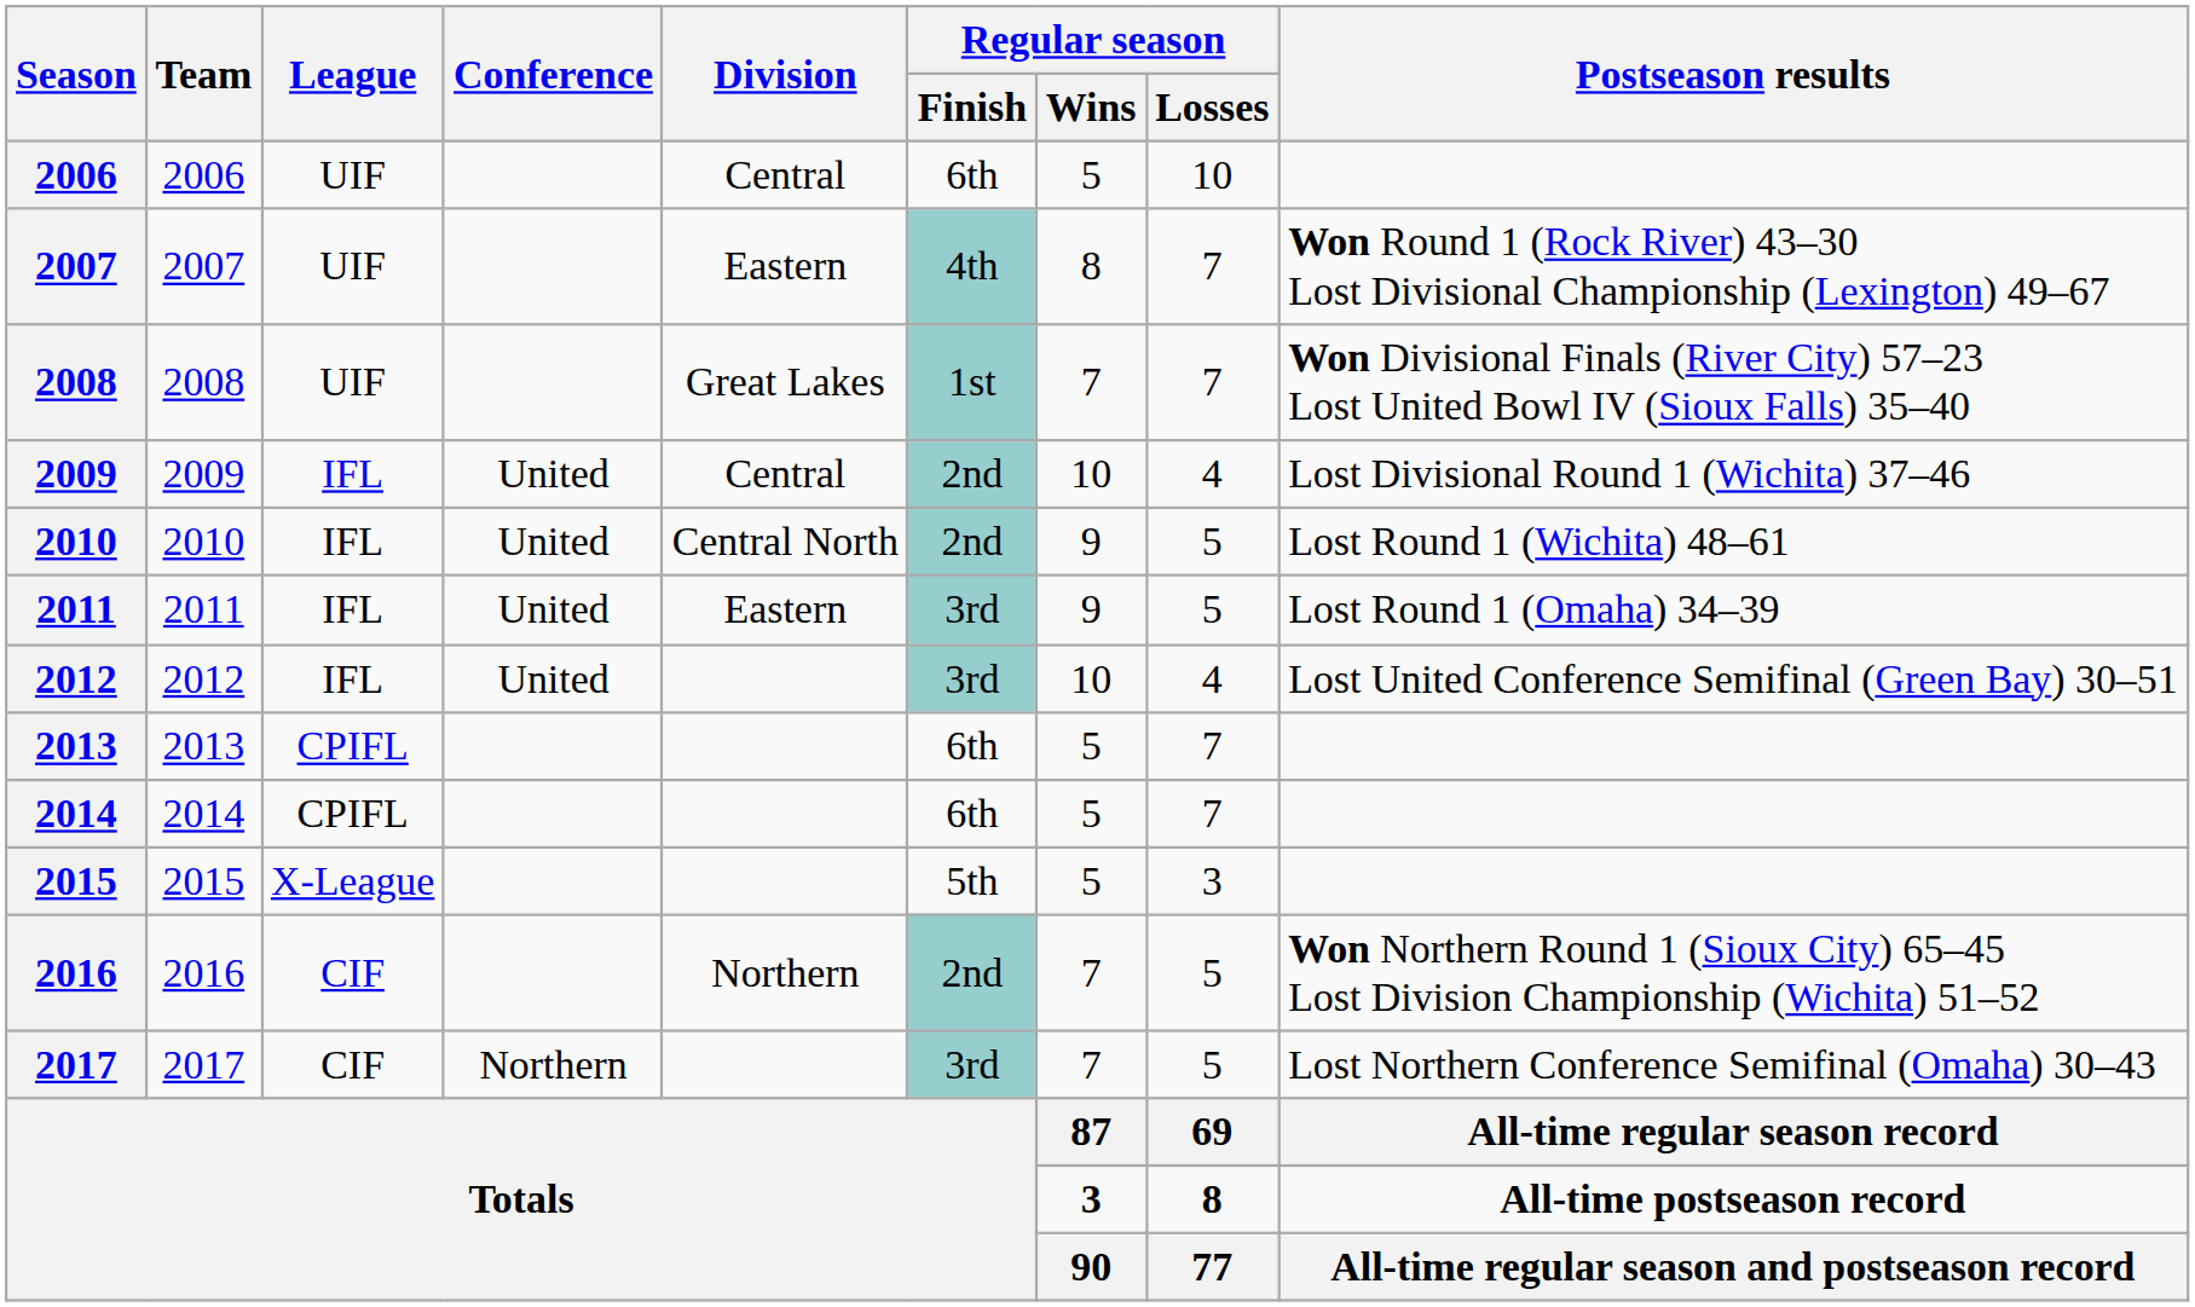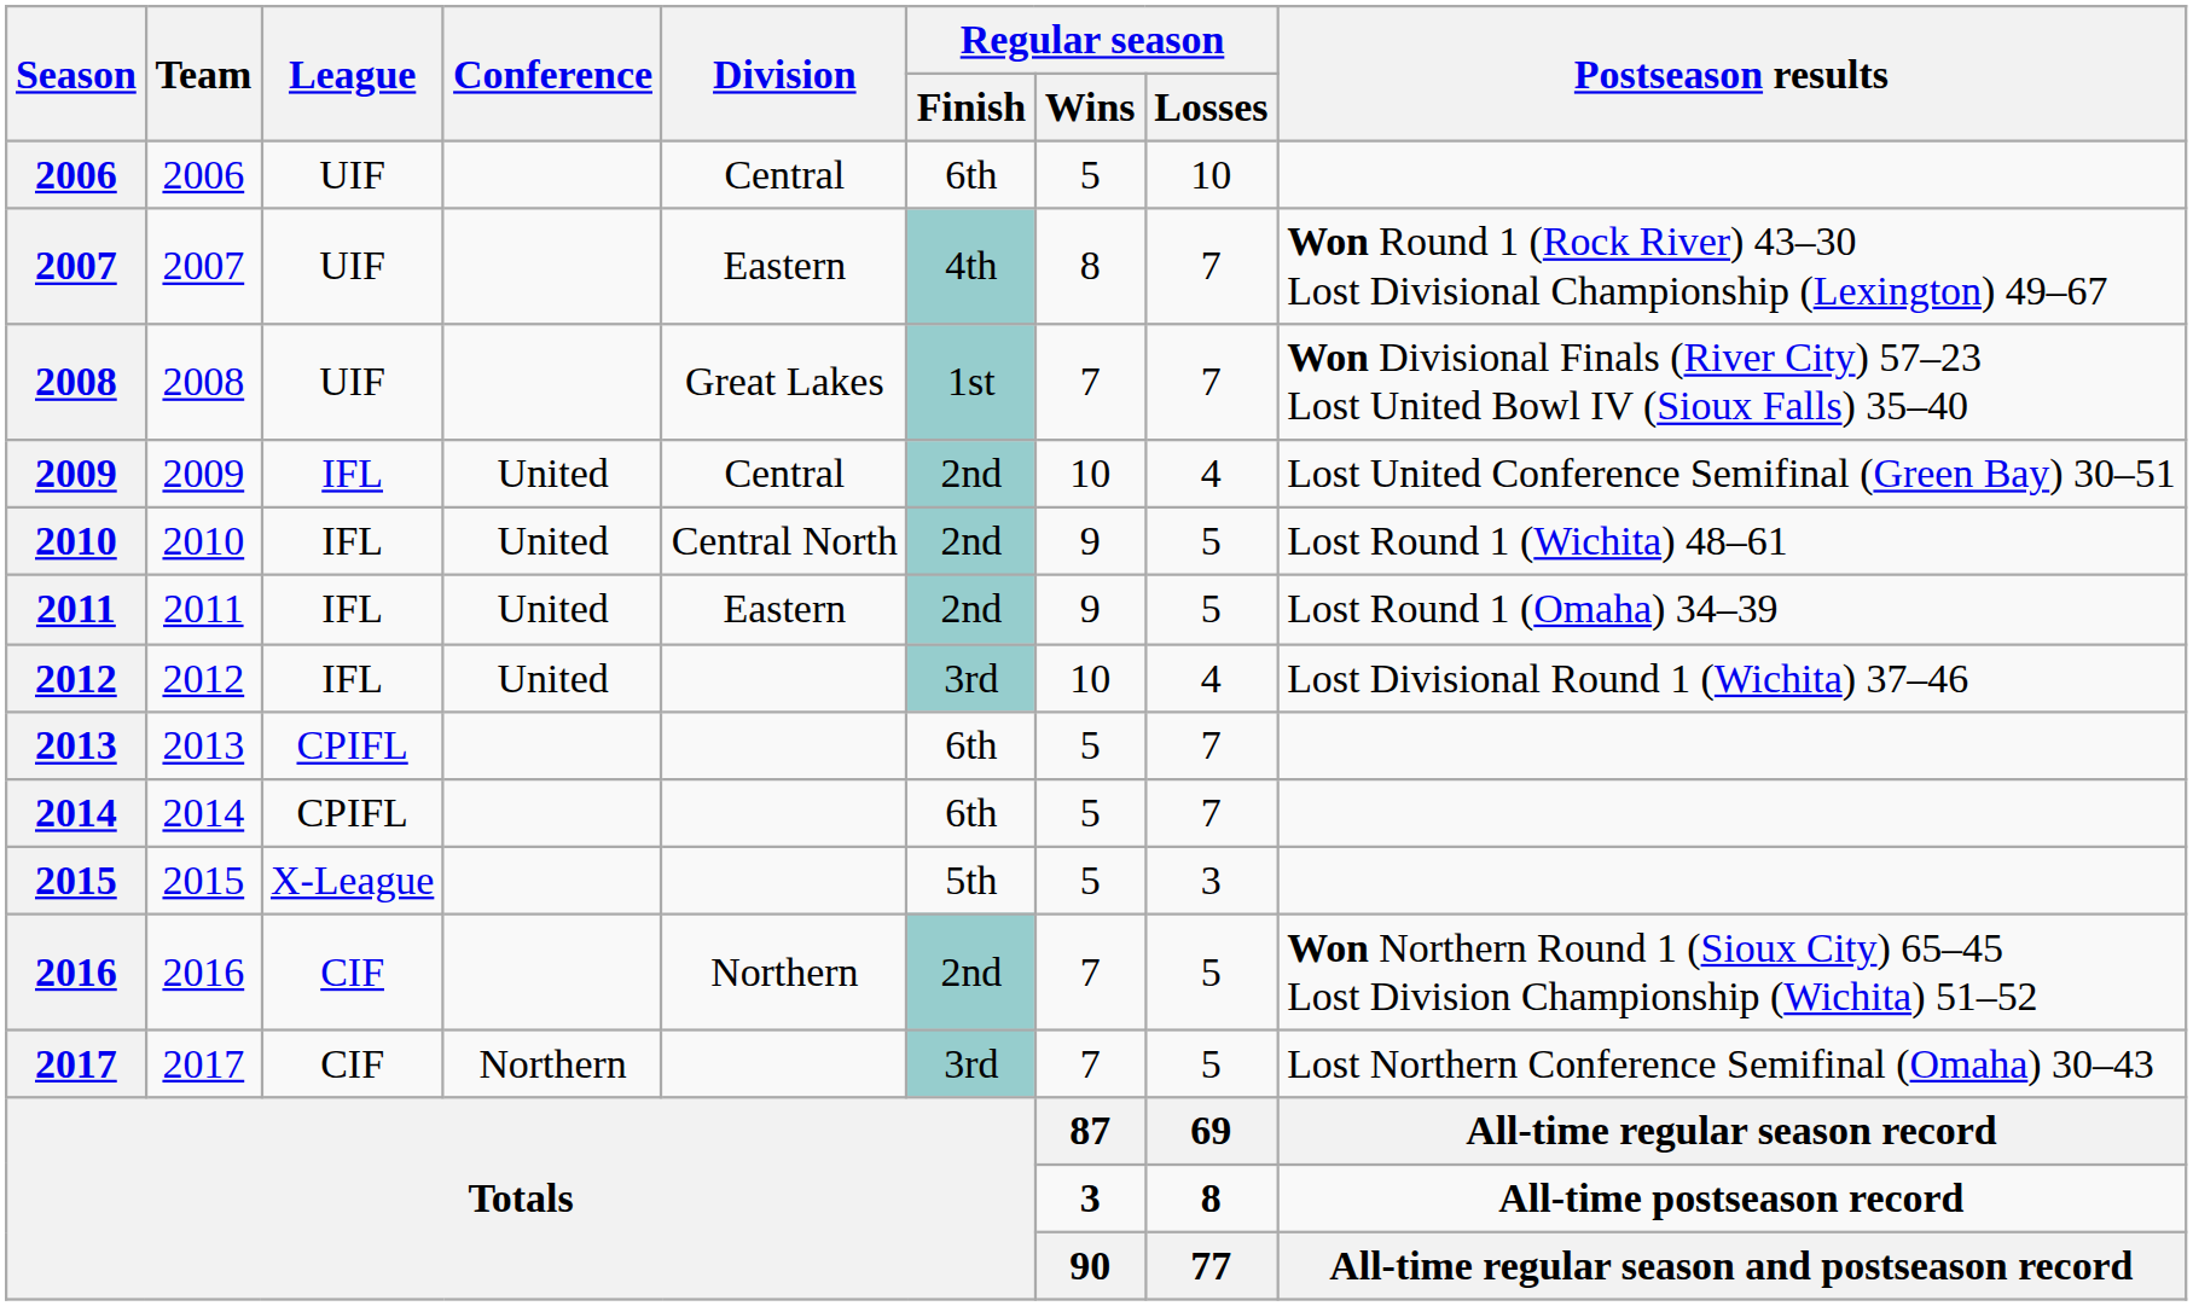 <table class="wikitable" style="text-align:center; font-size: 95%;">
 <tr>
 <th rowspan="2"><a href='#'>Season</a></th>
 <th rowspan="2">Team</th>
 <th rowspan="2"><a href='#'>League</a></th>
 <th rowspan="2"><a href='#'>Conference</a></th>
 <th rowspan="2"><a href='#'>Division</a></th>
 <th colspan="3"><a href='#'>Regular season</a></th>
 <th rowspan="2"><a href='#'>Postseason</a> results</th>
 </tr>
 <tr>
 <th>Finish</th>
 <th>Wins</th>
 <th>Losses</th>
 </tr>
 <tr>
 <th><a href='#'>2006</a></th>
 <td><a href='#'>2006</a></td>
 <td>UIF</td>
 <td></td>
 <td>Central</td>
 <td>6th</td>
 <td>5</td>
 <td>10</td>
 <td></td>
 </tr>
 <tr>
 <th><a href='#'>2007</a></th>
 <td><a href='#'>2007</a></td>
 <td>UIF</td>
 <td></td>
 <td>Eastern</td>
 <td bgcolor=#96cdcd>4th</td>
 <td>8</td>
 <td>7</td>
 <td style="text-align:left"><strong>Won</strong> Round 1 (<a href='#'>Rock River</a>) 43–30<br>Lost Divisional Championship (<a href='#'>Lexington</a>) 49–67</td>
 </tr>
 <tr>
 <th><a href='#'>2008</a></th>
 <td><a href='#'>2008</a></td>
 <td>UIF</td>
 <td></td>
 <td>Great Lakes</td>
 <td bgcolor=#96cdcd>1st</td>
 <td>7</td>
 <td>7</td>
 <td style="text-align:left"><strong>Won</strong> Divisional Finals (<a href='#'>River City</a>) 57–23<br>Lost United Bowl IV (<a href='#'>Sioux Falls</a>) 35–40</td>
 </tr>
 <tr>
 <th><a href='#'>2009</a></th>
 <td><a href='#'>2009</a></td>
 <td><a href='#'>IFL</a></td>
 <td>United</td>
 <td>Central</td>
 <td bgcolor=#96cdcd>2nd</td>
 <td>10</td>
 <td>4</td>
-<td style="text-align:left">Lost Divisional Round 1 (<a href='#'>Wichita</a>) 37–46</td>
+<td style="text-align:left">Lost United Conference Semifinal (<a href='#'>Green Bay</a>) 30–51</td>
 </tr>
 <tr>
 <th><a href='#'>2010</a></th>
 <td><a href='#'>2010</a></td>
 <td>IFL</td>
 <td>United</td>
 <td>Central North</td>
 <td bgcolor=#96cdcd>2nd</td>
 <td>9</td>
 <td>5</td>
 <td style="text-align:left">Lost Round 1 (<a href='#'>Wichita</a>) 48–61</td>
 </tr>
 <tr>
 <th><a href='#'>2011</a></th>
 <td><a href='#'>2011</a></td>
 <td>IFL</td>
 <td>United</td>
 <td>Eastern</td>
-<td bgcolor=#96cdcd>3rd</td>
+<td bgcolor=#96cdcd>2nd</td>
 <td>9</td>
 <td>5</td>
 <td style="text-align:left">Lost Round 1 (<a href='#'>Omaha</a>) 34–39</td>
 </tr>
 <tr>
 <th><a href='#'>2012</a></th>
 <td><a href='#'>2012</a></td>
 <td>IFL</td>
 <td>United</td>
 <td></td>
 <td bgcolor=#96cdcd>3rd</td>
 <td>10</td>
 <td>4</td>
-<td style="text-align:left">Lost United Conference Semifinal (<a href='#'>Green Bay</a>) 30–51</td>
+<td style="text-align:left">Lost Divisional Round 1 (<a href='#'>Wichita</a>) 37–46</td>
 </tr>
 <tr>
 <th><a href='#'>2013</a></th>
 <td><a href='#'>2013</a></td>
 <td><a href='#'>CPIFL</a></td>
 <td></td>
 <td></td>
 <td>6th</td>
 <td>5</td>
 <td>7</td>
 <td></td>
 </tr>
 <tr>
 <th><a href='#'>2014</a></th>
 <td><a href='#'>2014</a></td>
 <td>CPIFL</td>
 <td></td>
 <td></td>
 <td>6th</td>
 <td>5</td>
 <td>7</td>
 <td></td>
 </tr>
 <tr>
 <th><a href='#'>2015</a></th>
 <td><a href='#'>2015</a></td>
 <td><a href='#'>X-League</a></td>
 <td></td>
 <td></td>
 <td>5th</td>
 <td>5</td>
 <td>3</td>
 <td></td>
 </tr>
 <tr>
 <th><a href='#'>2016</a></th>
 <td><a href='#'>2016</a></td>
 <td><a href='#'>CIF</a></td>
 <td></td>
 <td>Northern</td>
 <td bgcolor=#96cdcd>2nd</td>
 <td>7</td>
 <td>5</td>
 <td style="text-align:left"><strong>Won</strong> Northern Round 1 (<a href='#'>Sioux City</a>) 65–45<br>Lost Division Championship (<a href='#'>Wichita</a>) 51–52</td>
 </tr>
 <tr>
 <th><a href='#'>2017</a></th>
 <td><a href='#'>2017</a></td>
 <td>CIF</td>
 <td>Northern</td>
 <td></td>
 <td bgcolor=#96cdcd>3rd</td>
 <td>7</td>
 <td>5</td>
 <td style="text-align:left">Lost Northern Conference Semifinal (<a href='#'>Omaha</a>) 30–43</td>
 </tr>
 <tr>
 <th rowspan="5" colspan="6">Totals</th>
 <th>87</th>
 <th>69</th>
 <th colspan="2">All-time regular season record</th>
 </tr>
 <tr>
 <td><strong>3</strong></td>
 <td><strong>8</strong></td>
 <td colspan="3"><strong>All-time postseason record</strong></td>
 </tr>
 <tr>
 <th>90</th>
 <th>77</th>
 <th colspan="3">All-time regular season and  postseason record</th>
 </tr>
 </table>
